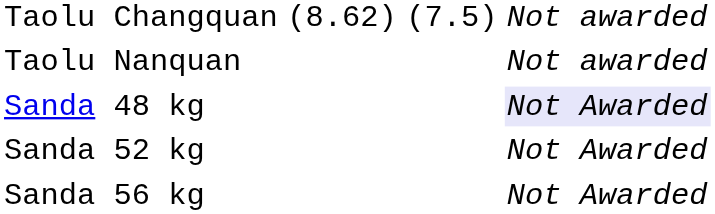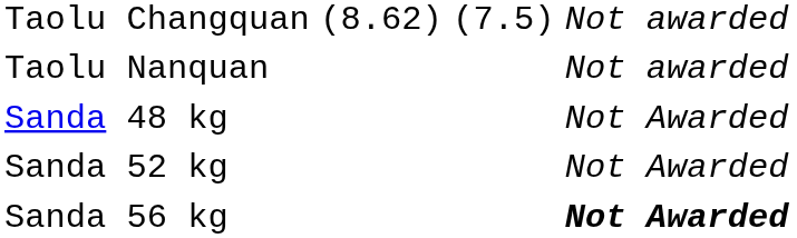 <table>
 <tr>
 <td>Taolu Changquan</td>
 <td> (8.62)</td>
 <td> (7.5)</td>
 <td><em>Not awarded</em></td>
 </tr>
 <tr>
 <td>Taolu Nanquan</td>
 <td></td>
 <td></td>
 <td><em>Not awarded</em></td>
 </tr>
 <tr>
 <td><a href='#'>Sanda</a> 48 kg</td>
 <td></td>
 <td></td>
-<td style="background: lavender;"><em>Not Awarded</em></td>
+<td><em>Not Awarded</em></td>
 </tr>
 <tr>
 <td>Sanda 52 kg</td>
 <td></td>
 <td></td>
 <td><em>Not Awarded</em></td>
 </tr>
 <tr>
 <td>Sanda 56 kg</td>
 <td></td>
 <td></td>
-<td><em>Not Awarded</em></td>
+<td><strong><em>Not Awarded</em></strong></td>
 </tr>
 </table>
